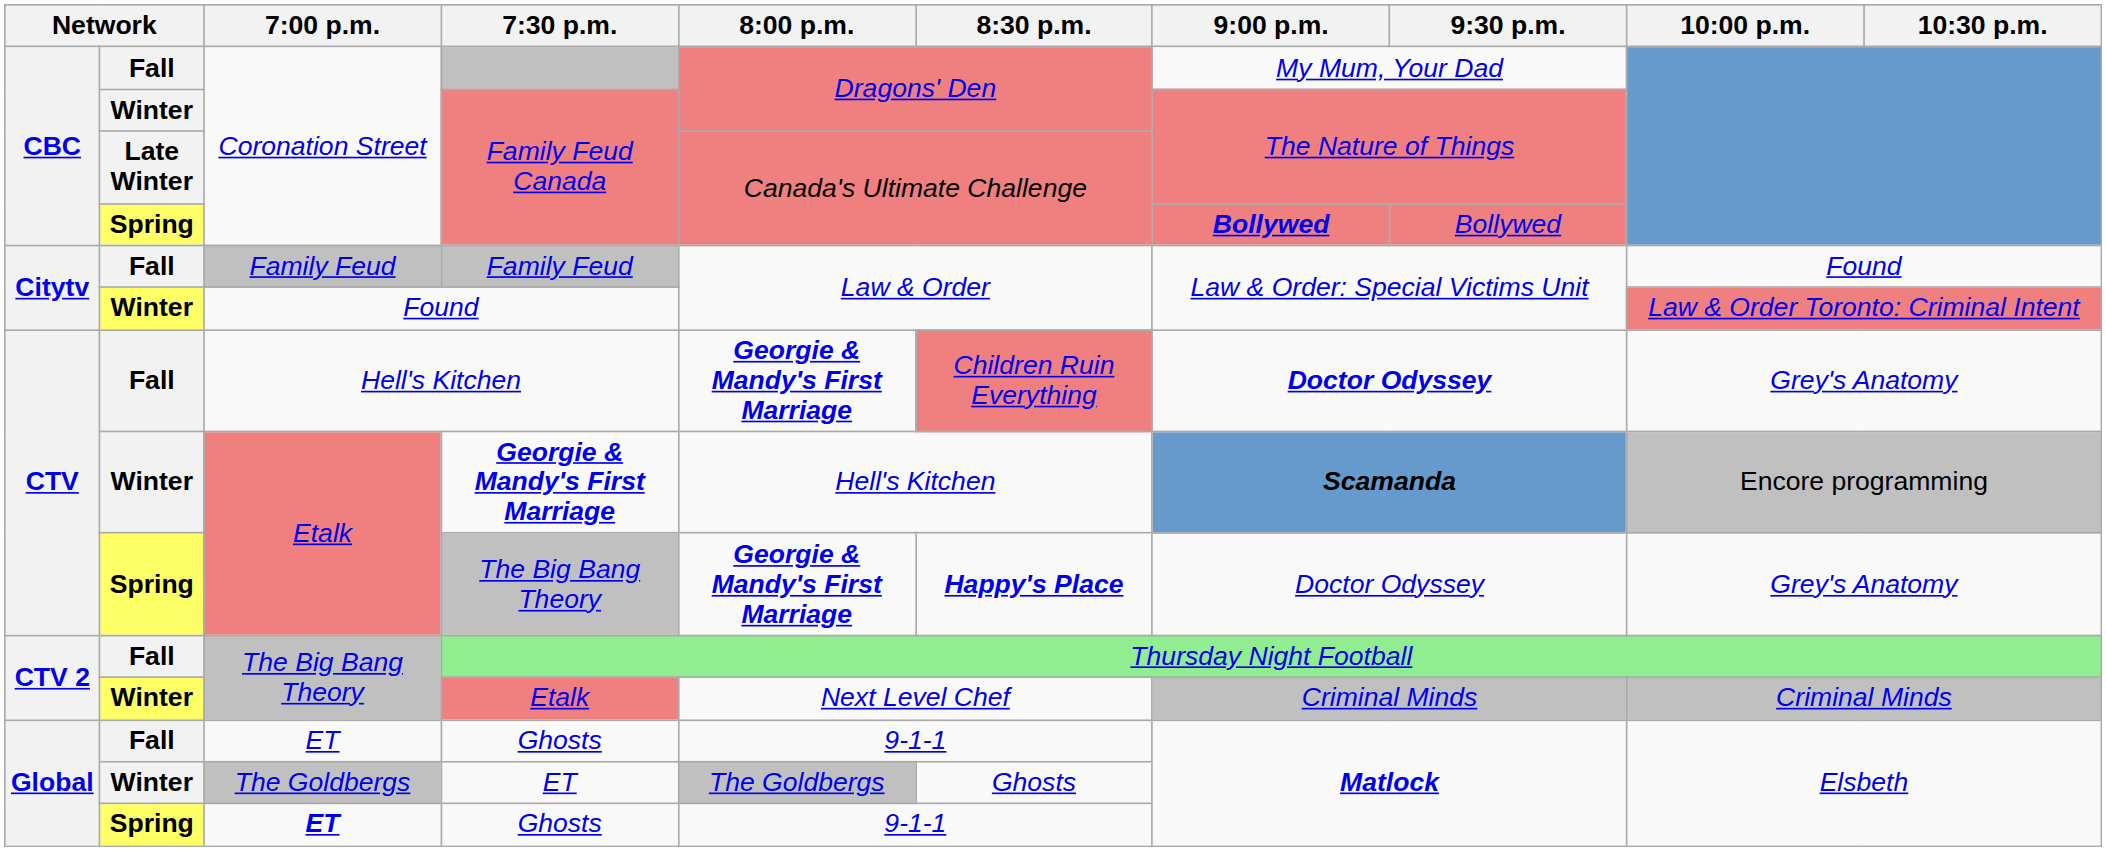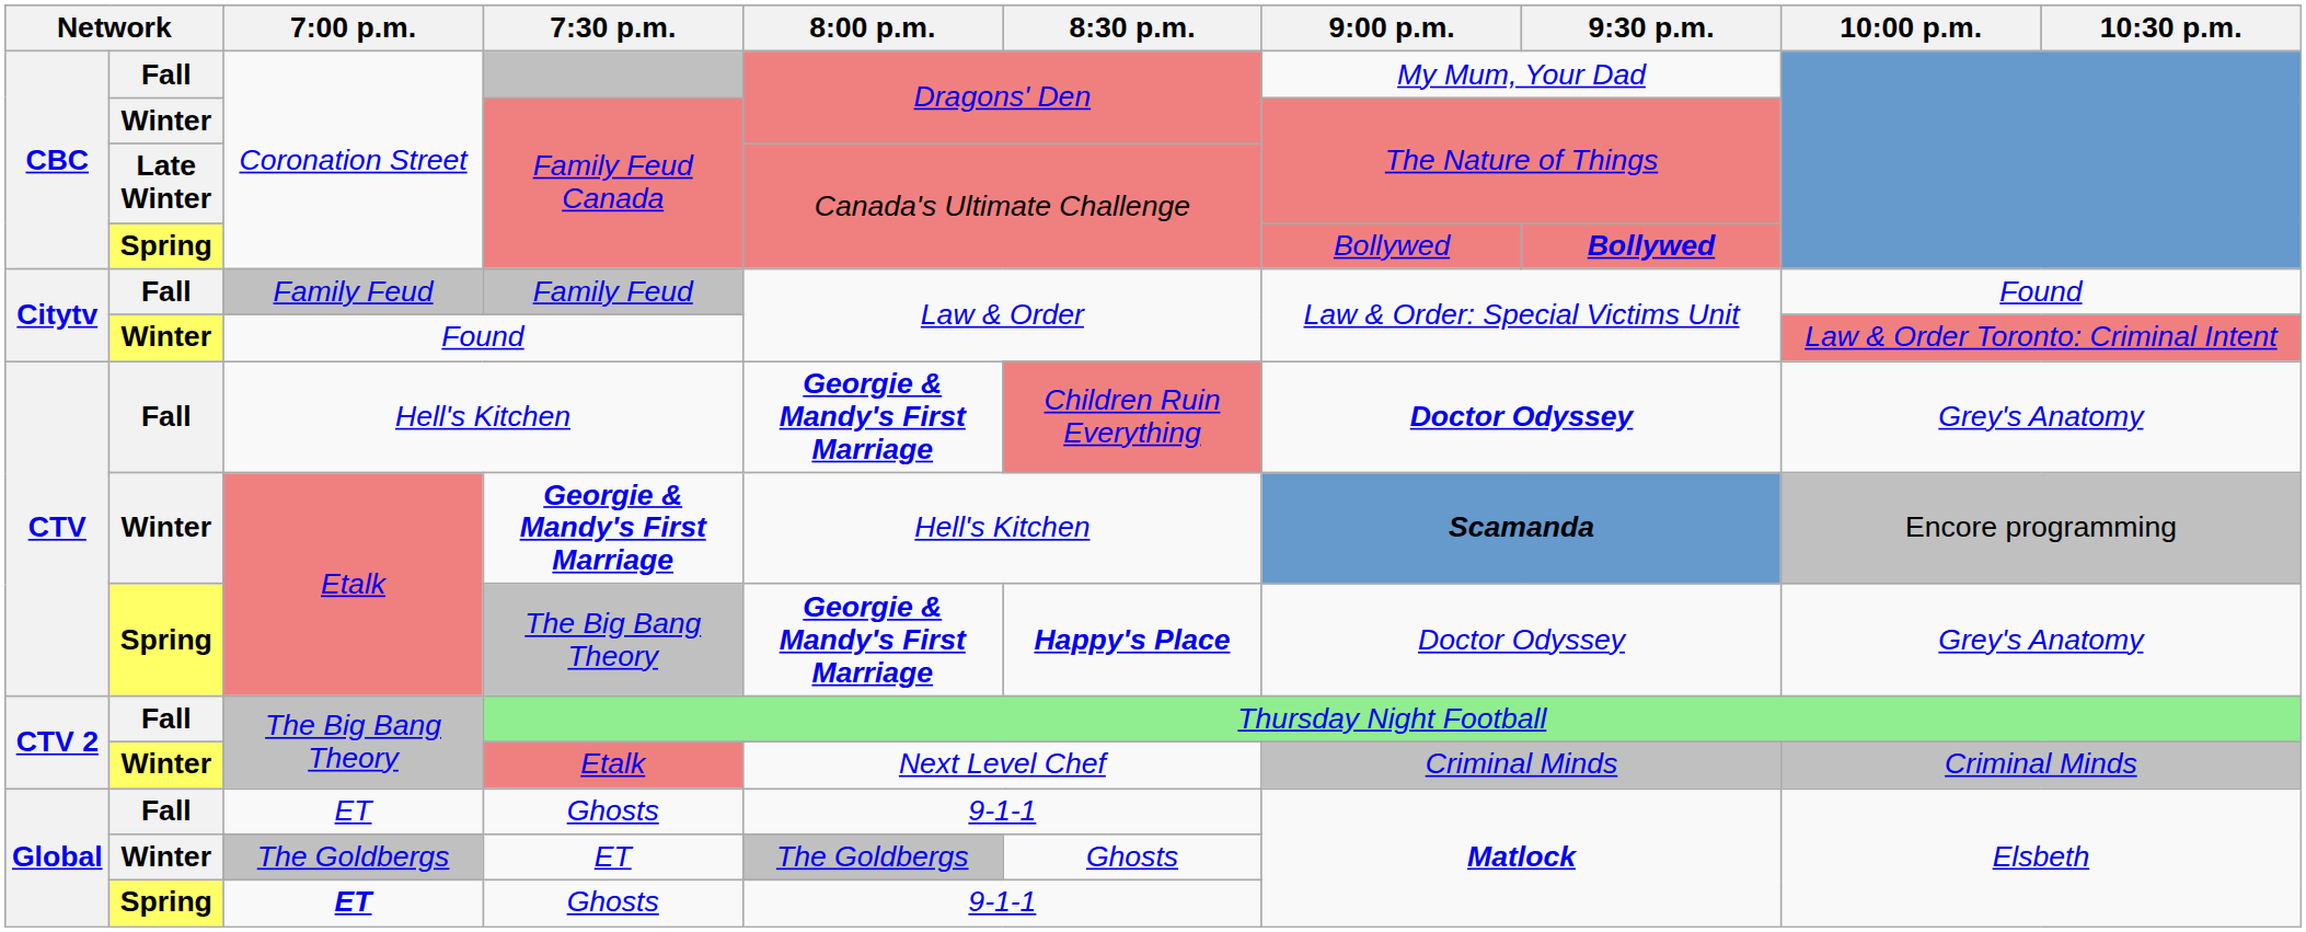 <table class=wikitable style=width:100%;margin-right:0;text-align:center>
 <tr>
 <th style=width:8% colspan=2>Network</th>
 <th style=width:11.5%>7:00 p.m.</th>
 <th style=width:11.5%>7:30 p.m.</th>
 <th style=width:11.5%>8:00 p.m.</th>
 <th style=width:11.5%>8:30 p.m.</th>
 <th style=width:11.5%>9:00 p.m.</th>
 <th style=width:11.5%>9:30 p.m.</th>
 <th style=width:11.5%>10:00 p.m.</th>
 <th style=width:11.5%>10:30 p.m.</th>
 </tr>
 <tr>
 <th rowspan=4><a href='#'>CBC</a></th>
 <th>Fall</th>
 <td rowspan=4><em><a href='#'>Coronation Street</a></em></td>
 <td style=background:#C0C0C0> </td>
 <td colspan=2 style=background:#F08080 rowspan=2><em><a href='#'>Dragons' Den</a></em> </td>
 <td colspan=2><em><a href='#'>My Mum, Your Dad</a></em> </td>
 <td colspan=2 style=background:#6699CC rowspan=4></td>
 </tr>
 <tr>
 <th>Winter</th>
 <td rowspan=3 style=background:#F08080><em><a href='#'>Family Feud Canada</a></em> </td>
 <td colspan=2 style=background:#F08080 rowspan=2><em><a href='#'>The Nature of Things</a></em> </td>
 </tr>
 <tr>
 <th>Late Winter</th>
 <td colspan=2 style=background:#F08080 rowspan=2><em>Canada's Ultimate Challenge</em> </td>
 </tr>
 <tr>
 <th style=background:#FFFF66>Spring</th>
+<td style=background:#F08080><em><a href='#'>Bollywed</a></em> </td>
 <td style=background:#F08080><strong><em><a href='#'>Bollywed</a></em> </strong></td>
-<td style=background:#F08080><em><a href='#'>Bollywed</a></em> </td>
 </tr>
 <tr>
 <th rowspan=2><a href='#'>Citytv</a></th>
 <th>Fall</th>
 <td style=background:#C0C0C0><em><a href='#'>Family Feud</a></em> </td>
 <td style=background:#C0C0C0><em><a href='#'>Family Feud</a></em> </td>
 <td colspan=2 rowspan=2><em><a href='#'>Law & Order</a></em> </td>
 <td colspan=2 rowspan=2><em><a href='#'>Law & Order: Special Victims Unit</a></em> </td>
 <td colspan=2><em><a href='#'>Found</a></em> </td>
 </tr>
 <tr>
 <th style=background:#FFFF66>Winter</th>
 <td colspan=2><em><a href='#'>Found</a></em> </td>
 <td colspan=2 style=background:#F08080><em><a href='#'>Law & Order Toronto: Criminal Intent</a></em> </td>
 </tr>
 <tr>
 <th rowspan=3><a href='#'>CTV</a></th>
 <th>Fall</th>
 <td colspan=2><em><a href='#'>Hell's Kitchen</a></em> </td>
 <td><strong><em><a href='#'>Georgie & Mandy's First Marriage</a></em></strong> </td>
 <td style=background:#F08080><em><a href='#'>Children Ruin Everything</a></em> </td>
 <td colspan=2><strong><em><a href='#'>Doctor Odyssey</a></em></strong> </td>
 <td colspan=2><em><a href='#'>Grey's Anatomy</a></em> </td>
 </tr>
 <tr>
 <th>Winter</th>
 <td style=background:#F08080 rowspan=2><em><a href='#'>Etalk</a></em></td>
 <td><strong><em><a href='#'>Georgie & Mandy's First Marriage</a></em></strong></td>
 <td colspan=2><em><a href='#'>Hell's Kitchen</a></em></td>
 <td colspan=2 style=background:#6699CC><strong><em>Scamanda</em></strong> </td>
 <td style=background:#C0C0C0 colspan=2>Encore programming</td>
 </tr>
 <tr>
 <th style=background:#FFFF66>Spring</th>
 <td style=background:#C0C0C0><em><a href='#'>The Big Bang Theory</a></em> </td>
 <td><strong><em><a href='#'>Georgie & Mandy's First Marriage</a></em></strong></td>
 <td><strong><em><a href='#'>Happy's Place</a></em></strong></td>
 <td colspan=2><em><a href='#'>Doctor Odyssey</a></em> </td>
 <td colspan=2><em><a href='#'>Grey's Anatomy</a></em> </td>
 </tr>
 <tr>
 <th rowspan=2><a href='#'>CTV 2</a></th>
 <th>Fall</th>
 <td style=background:#C0C0C0 rowspan=2><em><a href='#'>The Big Bang Theory</a></em> </td>
 <td style=background:lightgreen colspan=7><em><a href='#'>Thursday Night Football</a></em></td>
 </tr>
 <tr>
 <th style="background:#FFFF66;">Winter</th>
 <td style=background:#F08080><em><a href='#'>Etalk</a></em></td>
 <td colspan=2><em><a href='#'>Next Level Chef</a></em></td>
 <td style=background:#C0C0C0 colspan=2><em><a href='#'>Criminal Minds</a></em> </td>
 <td style=background:#C0C0C0 colspan=2><em><a href='#'>Criminal Minds</a></em> </td>
 </tr>
 <tr>
 <th rowspan=3><a href='#'>Global</a></th>
 <th>Fall</th>
 <td><em><a href='#'>ET</a></em></td>
 <td><em><a href='#'>Ghosts</a></em> </td>
 <td colspan=2><em><a href='#'>9-1-1</a></em> </td>
 <td colspan=2 rowspan=3><strong><em><a href='#'>Matlock</a></em></strong> </td>
 <td colspan=2 rowspan=3><em><a href='#'>Elsbeth</a></em> </td>
 </tr>
 <tr>
 <th>Winter</th>
 <td style=background:#C0C0C0><em><a href='#'>The Goldbergs</a></em> </td>
 <td><em><a href='#'>ET</a></em></td>
 <td style=background:#C0C0C0><em><a href='#'>The Goldbergs</a></em> </td>
 <td><em><a href='#'>Ghosts</a></em></td>
 </tr>
 <tr>
 <th style=background:#FFFF66>Spring</th>
 <td><strong><em><a href='#'>ET</a></em></strong></td>
 <td><em><a href='#'>Ghosts</a></em></td>
 <td colspan=2><em><a href='#'>9-1-1</a></em></td>
 </tr>
 </table>
